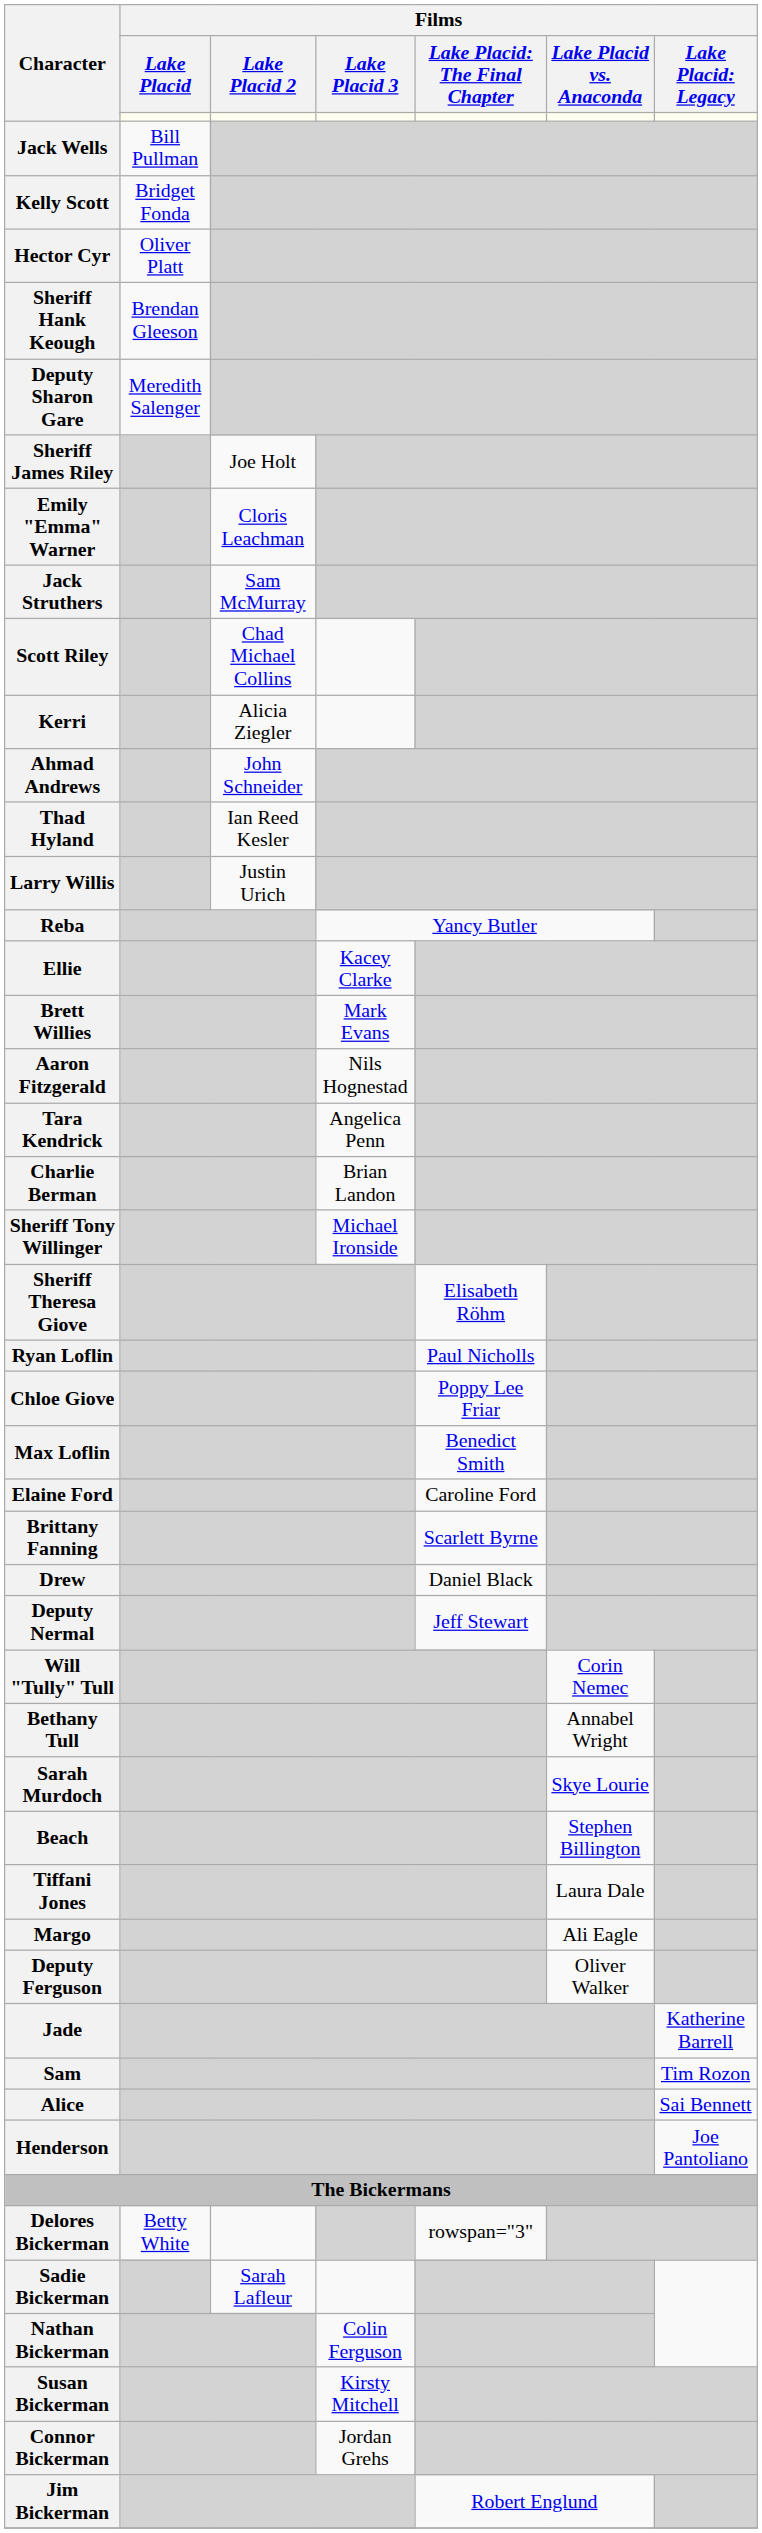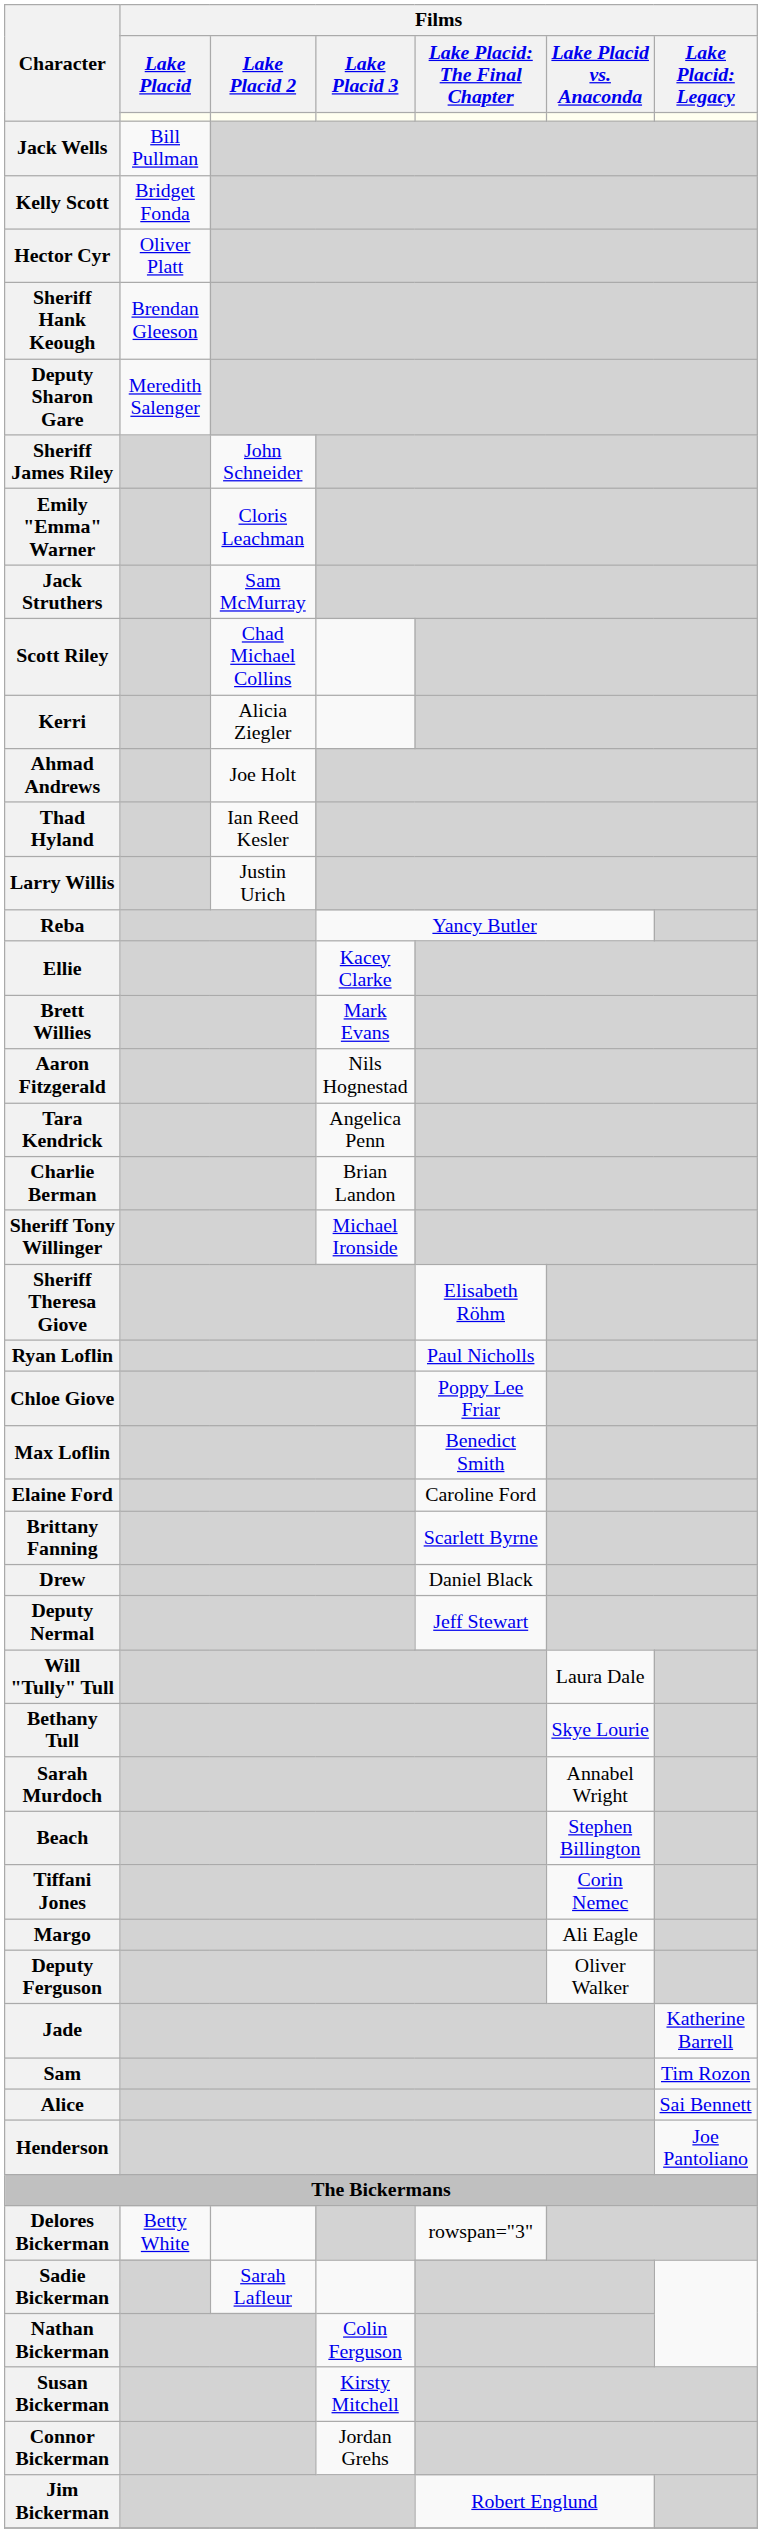 <table class="wikitable" style="text-align:center;">
 <tr>
 <th rowspan="3">Character</th>
 <th colspan="6">Films</th>
 </tr>
 <tr>
 <th><em><a href='#'>Lake Placid</a></em></th>
 <th><em><a href='#'>Lake Placid 2</a></em></th>
 <th><em><a href='#'>Lake Placid 3</a></em></th>
 <th><em><a href='#'>Lake Placid: The Final Chapter</a></em></th>
 <th><em><a href='#'>Lake Placid vs. Anaconda</a></em></th>
 <th><em><a href='#'>Lake Placid: Legacy</a></em></th>
 </tr>
 <tr>
 <th style="background:ivory;"></th>
 <th style="background:ivory;"></th>
 <th style="background:ivory;"></th>
 <th style="background:ivory;"></th>
 <th style="background:ivory;"></th>
 <th style="background:ivory;"></th>
 </tr>
 <tr>
 <th>Jack Wells</th>
 <td><a href='#'>Bill Pullman</a></td>
 <td colspan="5" style="background:lightgrey;"> </td>
 </tr>
 <tr>
 <th>Kelly Scott</th>
 <td><a href='#'>Bridget Fonda</a></td>
 <td colspan="5" style="background:lightgrey;"> </td>
 </tr>
 <tr>
 <th>Hector Cyr</th>
 <td><a href='#'>Oliver Platt</a></td>
 <td colspan="5" style="background:lightgrey;"> </td>
 </tr>
 <tr>
 <th>Sheriff Hank Keough</th>
 <td><a href='#'>Brendan Gleeson</a></td>
 <td colspan="5" style="background:lightgrey;"> </td>
 </tr>
 <tr>
 <th>Deputy Sharon Gare</th>
 <td><a href='#'>Meredith Salenger</a></td>
 <td colspan="5" style="background:lightgrey;"> </td>
 </tr>
 <tr>
 <th>Sheriff James Riley</th>
 <td style="background:lightgrey;"> </td>
-<td>Joe Holt</td>
+<td><a href='#'>John Schneider</a></td>
 <td colspan="4" style="background:lightgrey;"> </td>
 </tr>
 <tr>
 <th>Emily "Emma" Warner</th>
 <td style="background:lightgrey;"> </td>
 <td><a href='#'>Cloris Leachman</a></td>
 <td colspan="4" style="background:lightgrey;"> </td>
 </tr>
 <tr>
 <th>Jack Struthers</th>
 <td style="background:lightgrey;"> </td>
 <td><a href='#'>Sam McMurray</a></td>
 <td colspan="4" style="background:lightgrey;"> </td>
 </tr>
 <tr>
 <th>Scott Riley</th>
 <td style="background:lightgrey;"> </td>
 <td><a href='#'>Chad Michael Collins</a></td>
 <td></td>
 <td colspan="3" style="background:lightgrey;"> </td>
 </tr>
 <tr>
 <th>Kerri</th>
 <td style="background:lightgrey;"> </td>
 <td>Alicia Ziegler</td>
 <td></td>
 <td colspan="3" style="background:lightgrey;"> </td>
 </tr>
 <tr>
 <th>Ahmad Andrews</th>
 <td style="background:lightgrey;"> </td>
-<td><a href='#'>John Schneider</a></td>
+<td>Joe Holt</td>
 <td colspan="4" style="background:lightgrey;"> </td>
 </tr>
 <tr>
 <th>Thad Hyland</th>
 <td style="background:lightgrey;"> </td>
 <td>Ian Reed Kesler</td>
 <td colspan="4" style="background:lightgrey;"> </td>
 </tr>
 <tr>
 <th>Larry Willis</th>
 <td style="background:lightgrey;"> </td>
 <td>Justin Urich</td>
 <td colspan="4" style="background:lightgrey;"> </td>
 </tr>
 <tr>
 <th>Reba</th>
 <td colspan="2" style="background:lightgrey;"> </td>
 <td colspan="3"><a href='#'>Yancy Butler</a></td>
 <td style="background:lightgrey;"> </td>
 </tr>
 <tr>
 <th>Ellie</th>
 <td colspan="2" style="background:lightgrey;"> </td>
 <td><a href='#'>Kacey Clarke</a></td>
 <td colspan="3" style="background:lightgrey;"> </td>
 </tr>
 <tr>
 <th>Brett Willies</th>
 <td colspan="2" style="background:lightgrey;"> </td>
 <td><a href='#'>Mark Evans</a></td>
 <td colspan="3" style="background:lightgrey;"> </td>
 </tr>
 <tr>
 <th>Aaron Fitzgerald</th>
 <td colspan="2" style="background:lightgrey;"> </td>
 <td>Nils Hognestad</td>
 <td colspan="4" style="background:lightgrey;"> </td>
 </tr>
 <tr>
 <th>Tara Kendrick</th>
 <td colspan="2" style="background:lightgrey;"> </td>
 <td>Angelica Penn</td>
 <td colspan="4" style="background:lightgrey;"> </td>
 </tr>
 <tr>
 <th>Charlie Berman</th>
 <td colspan="2" style="background:lightgrey;"> </td>
 <td>Brian Landon</td>
 <td colspan="3" style="background:lightgrey;"> </td>
 </tr>
 <tr>
 <th>Sheriff Tony Willinger</th>
 <td colspan="2" style="background:lightgrey;"> </td>
 <td><a href='#'>Michael Ironside</a></td>
 <td colspan="3" style="background:lightgrey;"> </td>
 </tr>
 <tr>
 <th>Sheriff Theresa Giove</th>
 <td colspan="3" style="background:lightgrey;"> </td>
 <td><a href='#'>Elisabeth Röhm</a></td>
 <td colspan="2" style="background:lightgrey;"> </td>
 </tr>
 <tr>
 <th>Ryan Loflin</th>
 <td colspan="3" style="background:lightgrey;"> </td>
 <td><a href='#'>Paul Nicholls</a></td>
 <td colspan="2" style="background:lightgrey;"> </td>
 </tr>
 <tr>
 <th>Chloe Giove</th>
 <td colspan="3" style="background:lightgrey;"> </td>
 <td><a href='#'>Poppy Lee Friar</a></td>
 <td colspan="2" style="background:lightgrey;"> </td>
 </tr>
 <tr>
 <th>Max Loflin</th>
 <td colspan="3" style="background:lightgrey;"> </td>
 <td><a href='#'>Benedict Smith</a></td>
 <td colspan="2" style="background:lightgrey;"> </td>
 </tr>
 <tr>
 <th>Elaine Ford</th>
 <td colspan="3" style="background:lightgrey;"> </td>
 <td>Caroline Ford</td>
 <td colspan="2" style="background:lightgrey;"> </td>
 </tr>
 <tr>
 <th>Brittany Fanning</th>
 <td colspan="3" style="background:lightgrey;"> </td>
 <td><a href='#'>Scarlett Byrne</a></td>
 <td colspan="2" style="background:lightgrey;"> </td>
 </tr>
 <tr>
 <th>Drew</th>
 <td colspan="3" style="background:lightgrey;"> </td>
 <td>Daniel Black</td>
 <td colspan="2" style="background:lightgrey;"> </td>
 </tr>
 <tr>
 <th>Deputy Nermal</th>
 <td colspan="3" style="background:lightgrey;"> </td>
 <td><a href='#'>Jeff Stewart</a></td>
 <td colspan="2" style="background:lightgrey;"> </td>
 </tr>
 <tr>
 <th>Will "Tully" Tull</th>
 <td colspan="4" style="background:lightgrey;"> </td>
-<td><a href='#'>Corin Nemec</a></td>
+<td>Laura Dale</td>
 <td style="background:lightgrey;"> </td>
 </tr>
 <tr>
 <th>Bethany Tull</th>
 <td colspan="4" style="background:lightgrey;"> </td>
-<td>Annabel Wright</td>
+<td><a href='#'>Skye Lourie</a></td>
 <td style="background:lightgrey;"> </td>
 </tr>
 <tr>
 <th>Sarah Murdoch</th>
 <td colspan="4" style="background:lightgrey;"> </td>
-<td><a href='#'>Skye Lourie</a></td>
+<td>Annabel Wright</td>
 <td style="background:lightgrey;"> </td>
 </tr>
 <tr>
 <th>Beach</th>
 <td colspan="4" style="background:lightgrey;"> </td>
 <td><a href='#'>Stephen Billington</a></td>
 <td style="background:lightgrey;"> </td>
 </tr>
 <tr>
 <th>Tiffani Jones</th>
 <td colspan="4" style="background:lightgrey;"> </td>
-<td>Laura Dale</td>
+<td><a href='#'>Corin Nemec</a></td>
 <td style="background:lightgrey;"> </td>
 </tr>
 <tr>
 <th>Margo</th>
 <td colspan="4" style="background:lightgrey;"> </td>
 <td>Ali Eagle</td>
 <td style="background:lightgrey;"> </td>
 </tr>
 <tr>
 <th>Deputy Ferguson</th>
 <td colspan="4" style="background:lightgrey;"> </td>
 <td>Oliver Walker</td>
 <td style="background:lightgrey;"> </td>
 </tr>
 <tr>
 <th>Jade</th>
 <td colspan="5" style="background:lightgrey;"> </td>
 <td><a href='#'>Katherine Barrell</a></td>
 </tr>
 <tr>
 <th>Sam</th>
 <td colspan="5" style="background:lightgrey;"> </td>
 <td><a href='#'>Tim Rozon</a></td>
 </tr>
 <tr>
 <th>Alice</th>
 <td colspan="5" style="background:lightgrey;"> </td>
 <td><a href='#'>Sai Bennett</a></td>
 </tr>
 <tr>
 <th>Henderson</th>
 <td colspan="5" style="background:lightgrey;"> </td>
 <td><a href='#'>Joe Pantoliano</a></td>
 </tr>
 <tr>
 <th colspan="7" style="background-color:silver;"><span>The Bickermans</span></th>
 </tr>
 <tr>
 <th>Delores Bickerman</th>
 <td><a href='#'>Betty White</a></td>
 <td></td>
 <td style="background:lightgrey;"> </td>
 <td>rowspan="3" </td>
 <td colspan="2" style="background:lightgrey;"> </td>
 </tr>
 <tr>
 <th>Sadie Bickerman</th>
 <td style="background:lightgrey;"> </td>
 <td><a href='#'>Sarah Lafleur</a></td>
 <td></td>
 <td colspan="2" style="background:lightgrey;"> </td>
 </tr>
 <tr>
 <th>Nathan Bickerman</th>
 <td colspan="2" style="background:lightgrey;"> </td>
 <td><a href='#'>Colin Ferguson</a></td>
 <td colspan="2" style="background:lightgrey;"> </td>
 </tr>
 <tr>
 <th>Susan Bickerman</th>
 <td colspan="2" style="background:lightgrey;"> </td>
 <td><a href='#'>Kirsty Mitchell</a></td>
 <td colspan="3" style="background:lightgrey;"> </td>
 </tr>
 <tr>
 <th>Connor Bickerman</th>
 <td colspan="2" style="background:lightgrey;"> </td>
 <td>Jordan Grehs</td>
 <td colspan="3" style="background:lightgrey;"> </td>
 </tr>
 <tr>
 <th>Jim Bickerman</th>
 <td colspan="3" style="background:lightgrey;"> </td>
 <td colspan="2"><a href='#'>Robert Englund</a></td>
 <td style="background:lightgrey;"> </td>
 </tr>
 <tr>
 </tr>
 </table>
